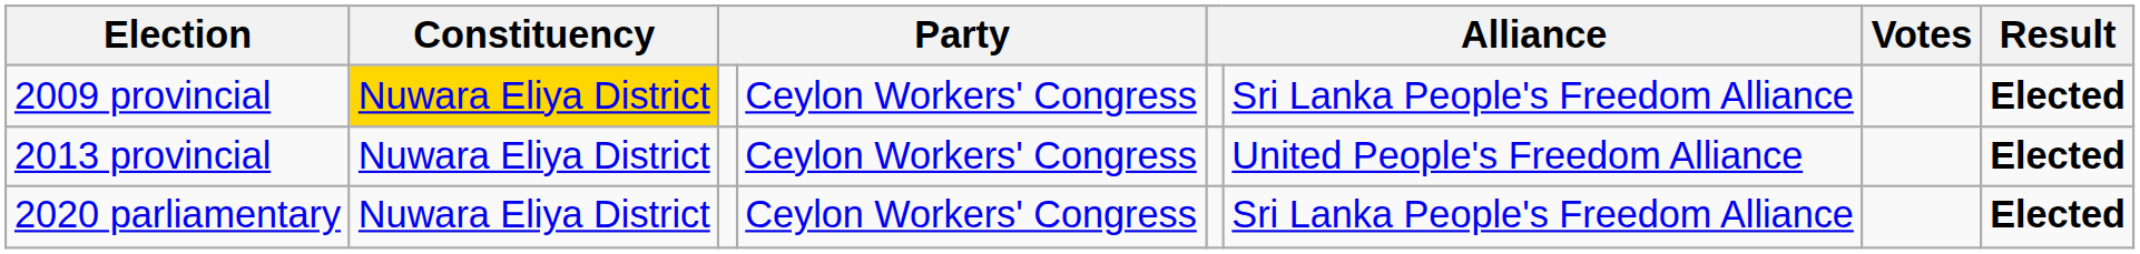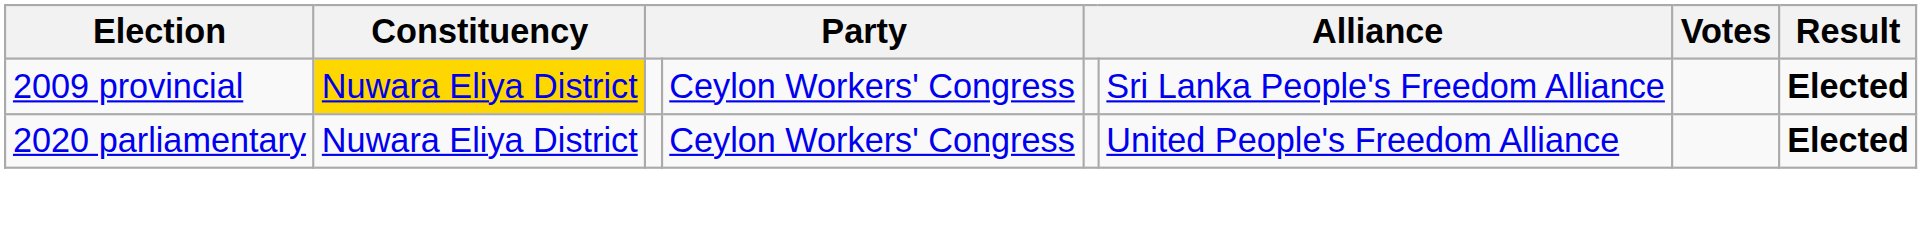 <table class="wikitable" style="text-align:left;">
 <tr>
 <th scope=col>Election</th>
 <th scope=col>Constituency</th>
 <th scope=col colspan="2">Party</th>
 <th scope=col colspan="2">Alliance</th>
 <th scope=col>Votes</th>
 <th scope=col>Result</th>
 </tr>
 <tr>
 <td><a href='#'>2009 provincial</a></td>
 <td style="background: gold;"><a href='#'>Nuwara Eliya District</a></td>
 <td style="background:"></td>
 <td><a href='#'>Ceylon Workers' Congress</a></td>
 <td style="background:"></td>
 <td><a href='#'>Sri Lanka People's Freedom Alliance</a></td>
 <td align=right></td>
 <td><strong>Elected</strong></td>
 </tr>
 <tr>
-<td><a href='#'>2013 provincial</a></td>
+<td><a href='#'>2020 parliamentary</a></td>
 <td><a href='#'>Nuwara Eliya District</a></td>
 <td style="background:"></td>
 <td><a href='#'>Ceylon Workers' Congress</a></td>
 <td style="background:"></td>
 <td><a href='#'>United People's Freedom Alliance</a></td>
 <td align=right></td>
 <td><strong>Elected</strong></td>
 </tr>
-<tr>
-<td><a href='#'>2020 parliamentary</a></td>
-<td><a href='#'>Nuwara Eliya District</a></td>
-<td style="background:"></td>
-<td><a href='#'>Ceylon Workers' Congress</a></td>
-<td style="background:"></td>
-<td><a href='#'>Sri Lanka People's Freedom Alliance</a></td>
-<td align=right></td>
-<td><strong>Elected</strong></td>
-</tr>
 </table>
